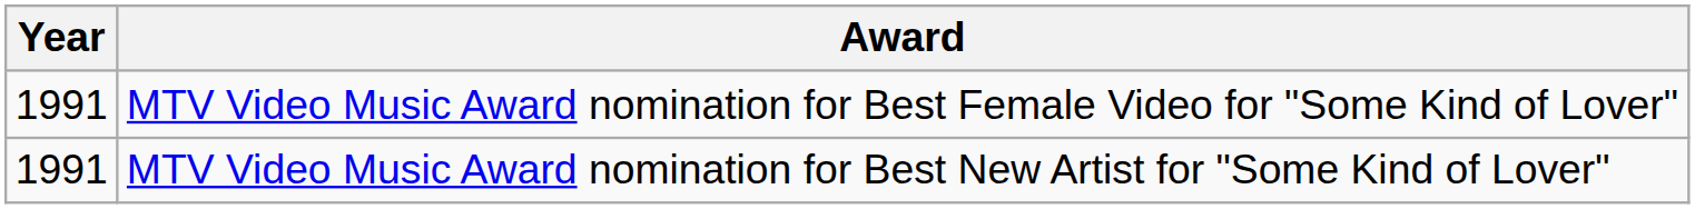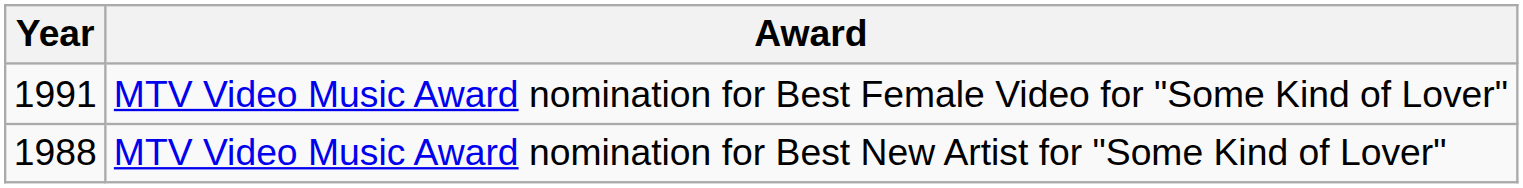 <table class="wikitable">
 <tr>
 <th>Year</th>
 <th>Award</th>
 </tr>
 <tr>
 <td>1991</td>
 <td><a href='#'>MTV Video Music Award</a> nomination for Best Female Video for "Some Kind of Lover"</td>
 </tr>
 <tr>
-<td>1991</td>
+<td>1988</td>
 <td><a href='#'>MTV Video Music Award</a> nomination for Best New Artist for "Some Kind of Lover"</td>
 </tr>
 </table>
